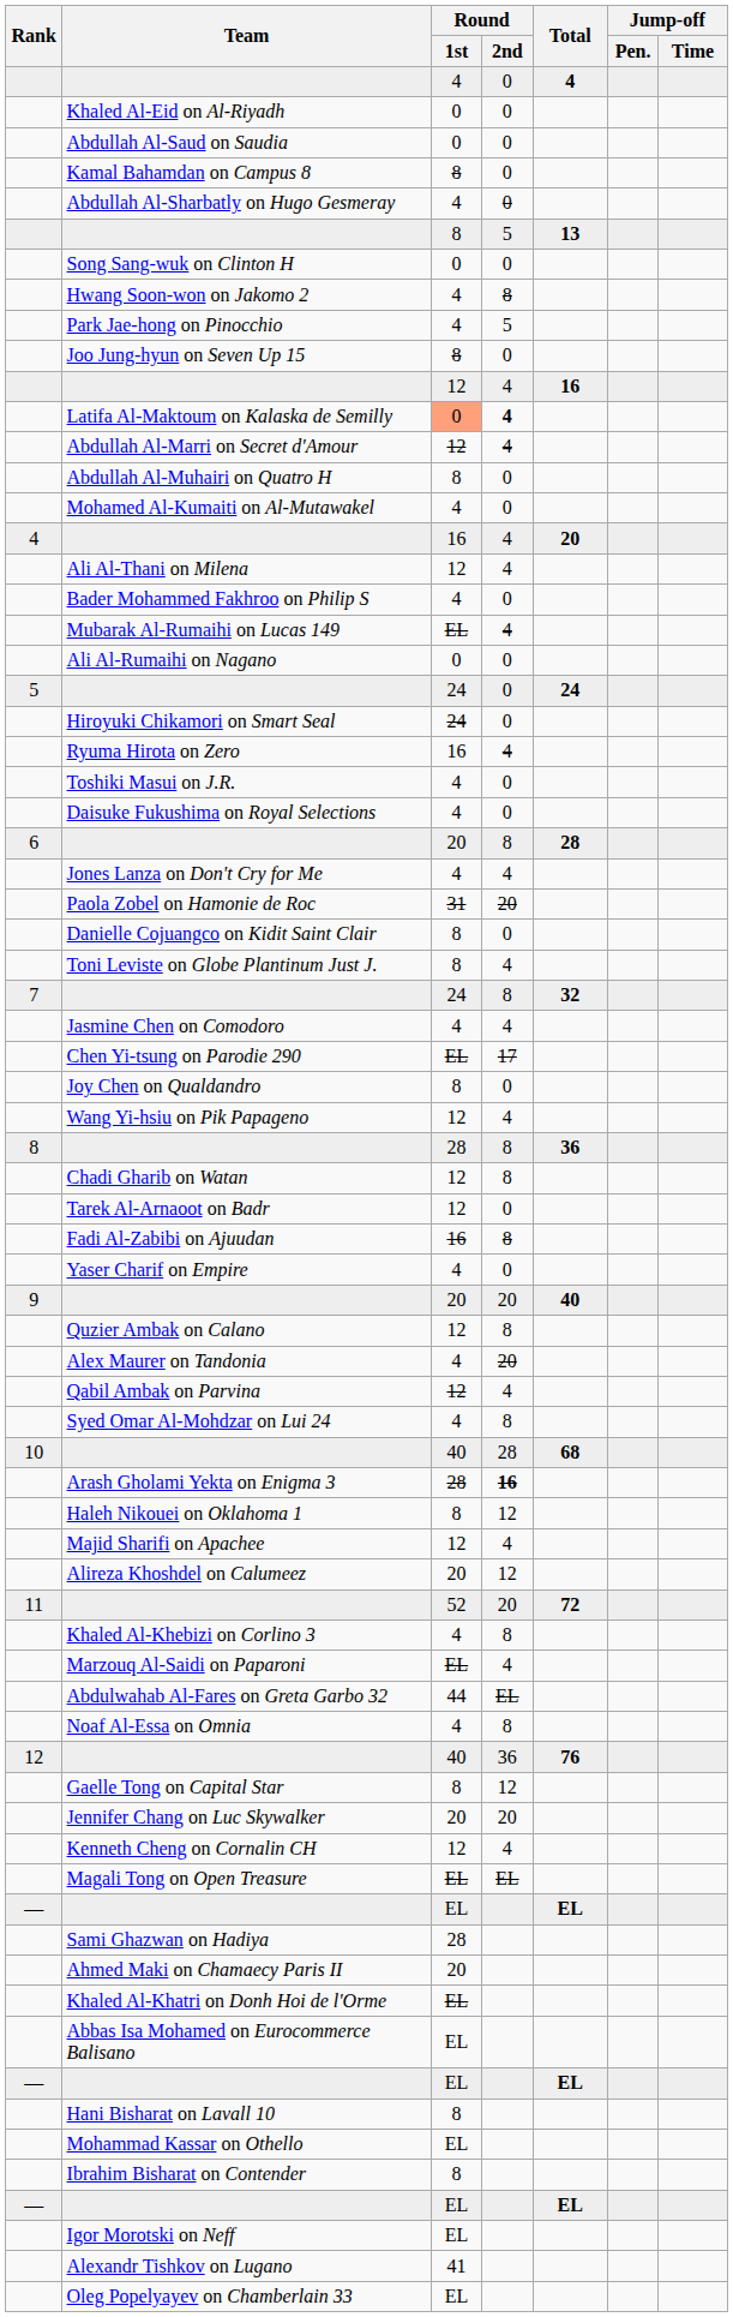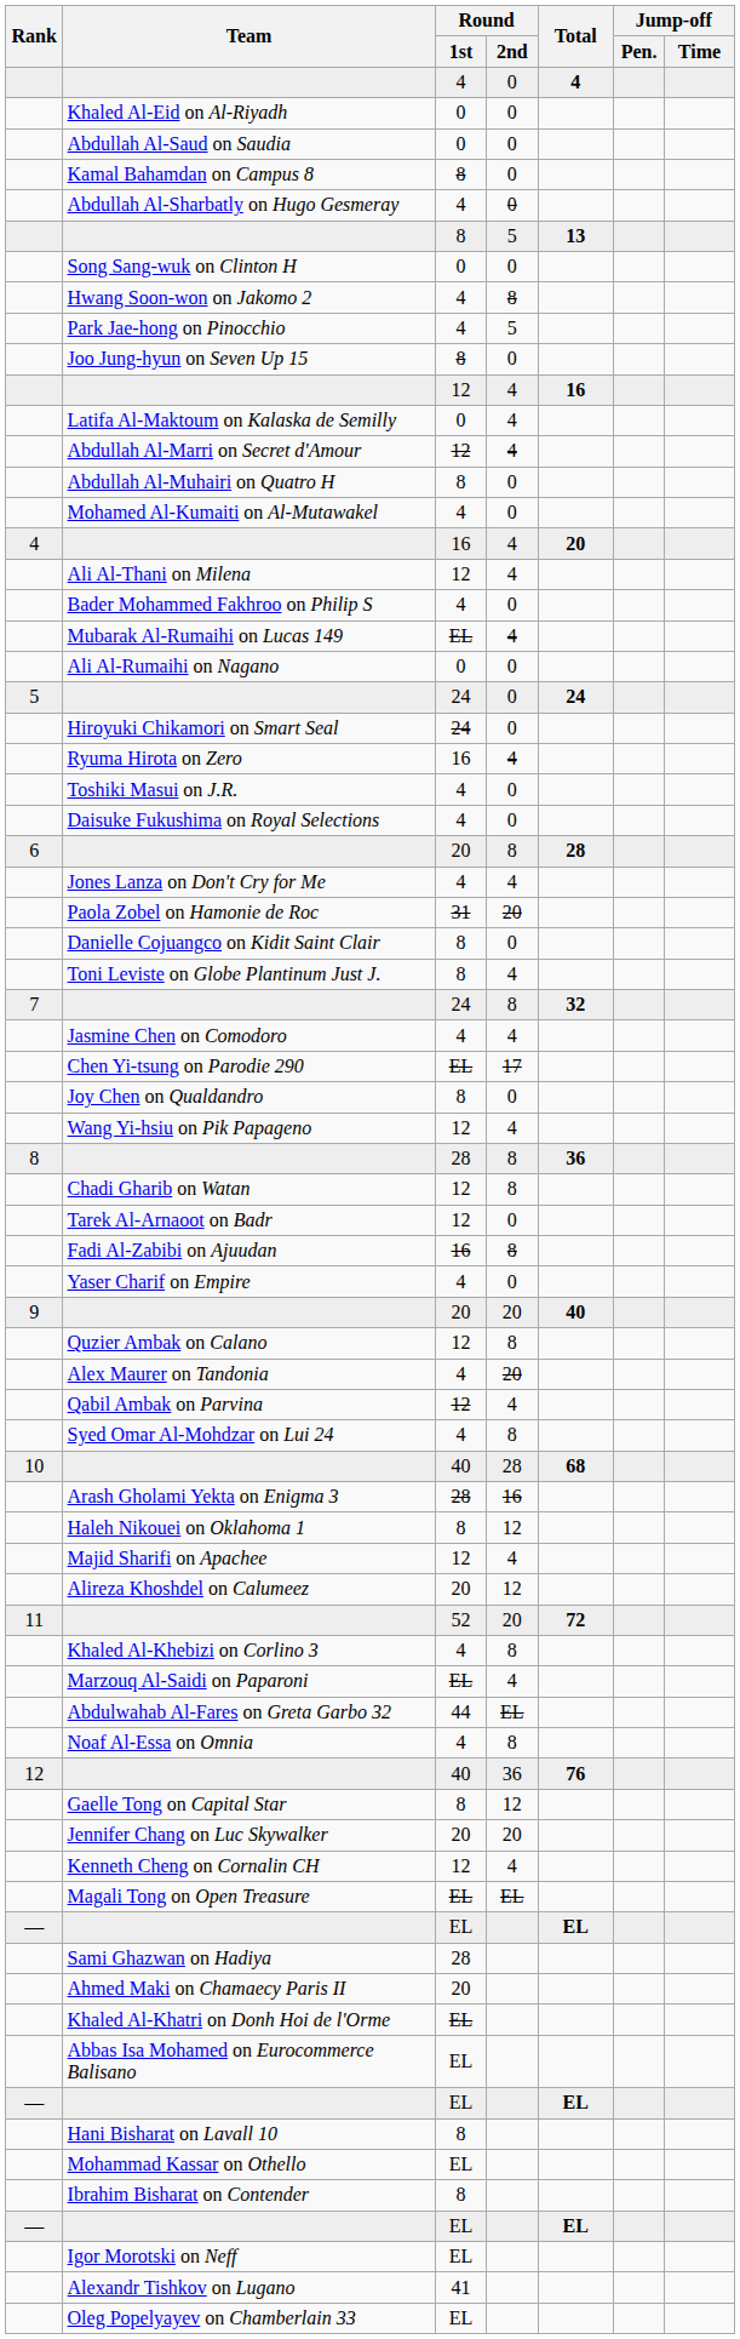 <table class=wikitable style="text-align:center">
 <tr>
 <th rowspan=2 width=40>Rank</th>
 <th rowspan=2 width=300>Team</th>
 <th colspan=2>Round</th>
 <th rowspan=2 width=55>Total</th>
 <th colspan=2>Jump-off</th>
 </tr>
 <tr>
 <th width=35>1st</th>
 <th width=35>2nd</th>
 <th width=35>Pen.</th>
 <th width=50>Time</th>
 </tr>
 <tr bgcolor=eeeeee>
 <td></td>
 <td align=left></td>
 <td>4</td>
 <td>0</td>
 <td><strong>4</strong></td>
 <td></td>
 <td></td>
 </tr>
 <tr>
 <td></td>
 <td align=left><a href='#'>Khaled Al-Eid</a> on <em>Al-Riyadh</em></td>
 <td>0</td>
 <td>0</td>
 <td></td>
 <td></td>
 <td></td>
 </tr>
 <tr>
 <td></td>
 <td align=left><a href='#'>Abdullah Al-Saud</a> on <em>Saudia</em></td>
 <td>0</td>
 <td>0</td>
 <td></td>
 <td></td>
 <td></td>
 </tr>
 <tr>
 <td></td>
 <td align=left><a href='#'>Kamal Bahamdan</a> on <em>Campus 8</em></td>
 <td><s>8</s></td>
 <td>0</td>
 <td></td>
 <td></td>
 <td></td>
 </tr>
 <tr>
 <td></td>
 <td align=left><a href='#'>Abdullah Al-Sharbatly</a> on <em>Hugo Gesmeray</em></td>
 <td>4</td>
 <td><s>0</s></td>
 <td></td>
 <td></td>
 <td></td>
 </tr>
 <tr bgcolor=eeeeee>
 <td></td>
 <td align=left></td>
 <td>8</td>
 <td>5</td>
 <td><strong>13</strong></td>
 <td></td>
 <td></td>
 </tr>
 <tr>
 <td></td>
 <td align=left><a href='#'>Song Sang-wuk</a> on <em>Clinton H</em></td>
 <td>0</td>
 <td>0</td>
 <td></td>
 <td></td>
 <td></td>
 </tr>
 <tr>
 <td></td>
 <td align=left><a href='#'>Hwang Soon-won</a> on <em>Jakomo 2</em></td>
 <td>4</td>
 <td><s>8</s></td>
 <td></td>
 <td></td>
 <td></td>
 </tr>
 <tr>
 <td></td>
 <td align=left><a href='#'>Park Jae-hong</a> on <em>Pinocchio</em></td>
 <td>4</td>
 <td>5</td>
 <td></td>
 <td></td>
 <td></td>
 </tr>
 <tr>
 <td></td>
 <td align=left><a href='#'>Joo Jung-hyun</a> on <em>Seven Up 15</em></td>
 <td><s>8</s></td>
 <td>0</td>
 <td></td>
 <td></td>
 <td></td>
 </tr>
 <tr bgcolor=eeeeee>
 <td></td>
 <td align=left></td>
 <td>12</td>
 <td>4</td>
 <td><strong>16</strong></td>
 <td></td>
 <td></td>
 </tr>
 <tr>
 <td></td>
 <td align=left><a href='#'>Latifa Al-Maktoum</a> on <em>Kalaska de Semilly</em></td>
-<td style="background: lightsalmon;">0</td>
-<td><strong>4</strong></td>
+<td>0</td>
+<td>4</td>
 <td></td>
 <td></td>
 <td></td>
 </tr>
 <tr>
 <td></td>
 <td align=left><a href='#'>Abdullah Al-Marri</a> on <em>Secret d'Amour</em></td>
 <td><s>12</s></td>
 <td><s>4</s></td>
 <td></td>
 <td></td>
 <td></td>
 </tr>
 <tr>
 <td></td>
 <td align=left><a href='#'>Abdullah Al-Muhairi</a> on <em>Quatro H</em></td>
 <td>8</td>
 <td>0</td>
 <td></td>
 <td></td>
 <td></td>
 </tr>
 <tr>
 <td></td>
 <td align=left><a href='#'>Mohamed Al-Kumaiti</a> on <em>Al-Mutawakel</em></td>
 <td>4</td>
 <td>0</td>
 <td></td>
 <td></td>
 <td></td>
 </tr>
 <tr bgcolor=eeeeee>
 <td>4</td>
 <td align=left></td>
 <td>16</td>
 <td>4</td>
 <td><strong>20</strong></td>
 <td></td>
 <td></td>
 </tr>
 <tr>
 <td></td>
 <td align=left><a href='#'>Ali Al-Thani</a> on <em>Milena</em></td>
 <td>12</td>
 <td>4</td>
 <td></td>
 <td></td>
 <td></td>
 </tr>
 <tr>
 <td></td>
 <td align=left><a href='#'>Bader Mohammed Fakhroo</a> on <em>Philip S</em></td>
 <td>4</td>
 <td>0</td>
 <td></td>
 <td></td>
 <td></td>
 </tr>
 <tr>
 <td></td>
 <td align=left><a href='#'>Mubarak Al-Rumaihi</a> on <em>Lucas 149</em></td>
 <td><s>EL</s></td>
 <td><s>4</s></td>
 <td></td>
 <td></td>
 <td></td>
 </tr>
 <tr>
 <td></td>
 <td align=left><a href='#'>Ali Al-Rumaihi</a> on <em>Nagano</em></td>
 <td>0</td>
 <td>0</td>
 <td></td>
 <td></td>
 <td></td>
 </tr>
 <tr bgcolor=eeeeee>
 <td>5</td>
 <td align=left></td>
 <td>24</td>
 <td>0</td>
 <td><strong>24</strong></td>
 <td></td>
 <td></td>
 </tr>
 <tr>
 <td></td>
 <td align=left><a href='#'>Hiroyuki Chikamori</a> on <em>Smart Seal</em></td>
 <td><s>24</s></td>
 <td>0</td>
 <td></td>
 <td></td>
 <td></td>
 </tr>
 <tr>
 <td></td>
 <td align=left><a href='#'>Ryuma Hirota</a> on <em>Zero</em></td>
 <td>16</td>
 <td><s>4</s></td>
 <td></td>
 <td></td>
 <td></td>
 </tr>
 <tr>
 <td></td>
 <td align=left><a href='#'>Toshiki Masui</a> on <em>J.R.</em></td>
 <td>4</td>
 <td>0</td>
 <td></td>
 <td></td>
 <td></td>
 </tr>
 <tr>
 <td></td>
 <td align=left><a href='#'>Daisuke Fukushima</a> on <em>Royal Selections</em></td>
 <td>4</td>
 <td>0</td>
 <td></td>
 <td></td>
 <td></td>
 </tr>
 <tr bgcolor=eeeeee>
 <td>6</td>
 <td align=left></td>
 <td>20</td>
 <td>8</td>
 <td><strong>28</strong></td>
 <td></td>
 <td></td>
 </tr>
 <tr>
 <td></td>
 <td align=left><a href='#'>Jones Lanza</a> on <em>Don't Cry for Me</em></td>
 <td>4</td>
 <td>4</td>
 <td></td>
 <td></td>
 <td></td>
 </tr>
 <tr>
 <td></td>
 <td align=left><a href='#'>Paola Zobel</a> on <em>Hamonie de Roc</em></td>
 <td><s>31</s></td>
 <td><s>20</s></td>
 <td></td>
 <td></td>
 <td></td>
 </tr>
 <tr>
 <td></td>
 <td align=left><a href='#'>Danielle Cojuangco</a> on <em>Kidit Saint Clair</em></td>
 <td>8</td>
 <td>0</td>
 <td></td>
 <td></td>
 <td></td>
 </tr>
 <tr>
 <td></td>
 <td align=left><a href='#'>Toni Leviste</a> on <em>Globe Plantinum Just J.</em></td>
 <td>8</td>
 <td>4</td>
 <td></td>
 <td></td>
 <td></td>
 </tr>
 <tr bgcolor=eeeeee>
 <td>7</td>
 <td align=left></td>
 <td>24</td>
 <td>8</td>
 <td><strong>32</strong></td>
 <td></td>
 <td></td>
 </tr>
 <tr>
 <td></td>
 <td align=left><a href='#'>Jasmine Chen</a> on <em>Comodoro</em></td>
 <td>4</td>
 <td>4</td>
 <td></td>
 <td></td>
 <td></td>
 </tr>
 <tr>
 <td></td>
 <td align=left><a href='#'>Chen Yi-tsung</a> on <em>Parodie 290</em></td>
 <td><s>EL</s></td>
 <td><s>17</s></td>
 <td></td>
 <td></td>
 <td></td>
 </tr>
 <tr>
 <td></td>
 <td align=left><a href='#'>Joy Chen</a> on <em>Qualdandro</em></td>
 <td>8</td>
 <td>0</td>
 <td></td>
 <td></td>
 <td></td>
 </tr>
 <tr>
 <td></td>
 <td align=left><a href='#'>Wang Yi-hsiu</a> on <em>Pik Papageno</em></td>
 <td>12</td>
 <td>4</td>
 <td></td>
 <td></td>
 <td></td>
 </tr>
 <tr bgcolor=eeeeee>
 <td>8</td>
 <td align=left></td>
 <td>28</td>
 <td>8</td>
 <td><strong>36</strong></td>
 <td></td>
 <td></td>
 </tr>
 <tr>
 <td></td>
 <td align=left><a href='#'>Chadi Gharib</a> on <em>Watan</em></td>
 <td>12</td>
 <td>8</td>
 <td></td>
 <td></td>
 <td></td>
 </tr>
 <tr>
 <td></td>
 <td align=left><a href='#'>Tarek Al-Arnaoot</a> on <em>Badr</em></td>
 <td>12</td>
 <td>0</td>
 <td></td>
 <td></td>
 <td></td>
 </tr>
 <tr>
 <td></td>
 <td align=left><a href='#'>Fadi Al-Zabibi</a> on <em>Ajuudan</em></td>
 <td><s>16</s></td>
 <td><s>8</s></td>
 <td></td>
 <td></td>
 <td></td>
 </tr>
 <tr>
 <td></td>
 <td align=left><a href='#'>Yaser Charif</a> on <em>Empire</em></td>
 <td>4</td>
 <td>0</td>
 <td></td>
 <td></td>
 <td></td>
 </tr>
 <tr bgcolor=eeeeee>
 <td>9</td>
 <td align=left></td>
 <td>20</td>
 <td>20</td>
 <td><strong>40</strong></td>
 <td></td>
 <td></td>
 </tr>
 <tr>
 <td></td>
 <td align=left><a href='#'>Quzier Ambak</a> on <em>Calano</em></td>
 <td>12</td>
 <td>8</td>
 <td></td>
 <td></td>
 <td></td>
 </tr>
 <tr>
 <td></td>
 <td align=left><a href='#'>Alex Maurer</a> on <em>Tandonia</em></td>
 <td>4</td>
 <td><s>20</s></td>
 <td></td>
 <td></td>
 <td></td>
 </tr>
 <tr>
 <td></td>
 <td align=left><a href='#'>Qabil Ambak</a> on <em>Parvina</em></td>
 <td><s>12</s></td>
 <td>4</td>
 <td></td>
 <td></td>
 <td></td>
 </tr>
 <tr>
 <td></td>
 <td align=left><a href='#'>Syed Omar Al-Mohdzar</a> on <em>Lui 24</em></td>
 <td>4</td>
 <td>8</td>
 <td></td>
 <td></td>
 <td></td>
 </tr>
 <tr bgcolor=eeeeee>
 <td>10</td>
 <td align=left></td>
 <td>40</td>
 <td>28</td>
 <td><strong>68</strong></td>
 <td></td>
 <td></td>
 </tr>
 <tr>
 <td></td>
 <td align=left><a href='#'>Arash Gholami Yekta</a> on <em>Enigma 3</em></td>
 <td><s>28</s></td>
-<td><strong><s>16</s></strong></td>
+<td><s>16</s></td>
 <td></td>
 <td></td>
 <td></td>
 </tr>
 <tr>
 <td></td>
 <td align=left><a href='#'>Haleh Nikouei</a> on <em>Oklahoma 1</em></td>
 <td>8</td>
 <td>12</td>
 <td></td>
 <td></td>
 <td></td>
 </tr>
 <tr>
 <td></td>
 <td align=left><a href='#'>Majid Sharifi</a> on <em>Apachee</em></td>
 <td>12</td>
 <td>4</td>
 <td></td>
 <td></td>
 <td></td>
 </tr>
 <tr>
 <td></td>
 <td align=left><a href='#'>Alireza Khoshdel</a> on <em>Calumeez</em></td>
 <td>20</td>
 <td>12</td>
 <td></td>
 <td></td>
 <td></td>
 </tr>
 <tr bgcolor=eeeeee>
 <td>11</td>
 <td align=left></td>
 <td>52</td>
 <td>20</td>
 <td><strong>72</strong></td>
 <td></td>
 <td></td>
 </tr>
 <tr>
 <td></td>
 <td align=left><a href='#'>Khaled Al-Khebizi</a> on <em>Corlino 3</em></td>
 <td>4</td>
 <td>8</td>
 <td></td>
 <td></td>
 <td></td>
 </tr>
 <tr>
 <td></td>
 <td align=left><a href='#'>Marzouq Al-Saidi</a> on <em>Paparoni</em></td>
 <td><s>EL</s></td>
 <td>4</td>
 <td></td>
 <td></td>
 <td></td>
 </tr>
 <tr>
 <td></td>
 <td align=left><a href='#'>Abdulwahab Al-Fares</a> on <em>Greta Garbo 32</em></td>
 <td>44</td>
 <td><s>EL</s></td>
 <td></td>
 <td></td>
 <td></td>
 </tr>
 <tr>
 <td></td>
 <td align=left><a href='#'>Noaf Al-Essa</a> on <em>Omnia</em></td>
 <td>4</td>
 <td>8</td>
 <td></td>
 <td></td>
 <td></td>
 </tr>
 <tr bgcolor=eeeeee>
 <td>12</td>
 <td align=left></td>
 <td>40</td>
 <td>36</td>
 <td><strong>76</strong></td>
 <td></td>
 <td></td>
 </tr>
 <tr>
 <td></td>
 <td align=left><a href='#'>Gaelle Tong</a> on <em>Capital Star</em></td>
 <td>8</td>
 <td>12</td>
 <td></td>
 <td></td>
 <td></td>
 </tr>
 <tr>
 <td></td>
 <td align=left><a href='#'>Jennifer Chang</a> on <em>Luc Skywalker</em></td>
 <td>20</td>
 <td>20</td>
 <td></td>
 <td></td>
 <td></td>
 </tr>
 <tr>
 <td></td>
 <td align=left><a href='#'>Kenneth Cheng</a> on <em>Cornalin CH</em></td>
 <td>12</td>
 <td>4</td>
 <td></td>
 <td></td>
 <td></td>
 </tr>
 <tr>
 <td></td>
 <td align=left><a href='#'>Magali Tong</a> on <em>Open Treasure</em></td>
 <td><s>EL</s></td>
 <td><s>EL</s></td>
 <td></td>
 <td></td>
 <td></td>
 </tr>
 <tr bgcolor=eeeeee>
 <td>—</td>
 <td align=left></td>
 <td>EL</td>
 <td></td>
 <td><strong>EL</strong></td>
 <td></td>
 <td></td>
 </tr>
 <tr>
 <td></td>
 <td align=left><a href='#'>Sami Ghazwan</a> on <em>Hadiya</em></td>
 <td>28</td>
 <td></td>
 <td></td>
 <td></td>
 <td></td>
 </tr>
 <tr>
 <td></td>
 <td align=left><a href='#'>Ahmed Maki</a> on <em>Chamaecy Paris II</em></td>
 <td>20</td>
 <td></td>
 <td></td>
 <td></td>
 <td></td>
 </tr>
 <tr>
 <td></td>
 <td align=left><a href='#'>Khaled Al-Khatri</a> on <em>Donh Hoi de l'Orme</em></td>
 <td><s>EL</s></td>
 <td></td>
 <td></td>
 <td></td>
 <td></td>
 </tr>
 <tr>
 <td></td>
 <td align=left><a href='#'>Abbas Isa Mohamed</a> on <em>Eurocommerce Balisano</em></td>
 <td>EL</td>
 <td></td>
 <td></td>
 <td></td>
 <td></td>
 </tr>
 <tr bgcolor=eeeeee>
 <td>—</td>
 <td align=left></td>
 <td>EL</td>
 <td></td>
 <td><strong>EL</strong></td>
 <td></td>
 <td></td>
 </tr>
 <tr>
 <td></td>
 <td align=left><a href='#'>Hani Bisharat</a> on <em>Lavall 10</em></td>
 <td>8</td>
 <td></td>
 <td></td>
 <td></td>
 <td></td>
 </tr>
 <tr>
 <td></td>
 <td align=left><a href='#'>Mohammad Kassar</a> on <em>Othello</em></td>
 <td>EL</td>
 <td></td>
 <td></td>
 <td></td>
 <td></td>
 </tr>
 <tr>
 <td></td>
 <td align=left><a href='#'>Ibrahim Bisharat</a> on <em>Contender</em></td>
 <td>8</td>
 <td></td>
 <td></td>
 <td></td>
 <td></td>
 </tr>
 <tr bgcolor=eeeeee>
 <td>—</td>
 <td align=left></td>
 <td>EL</td>
 <td></td>
 <td><strong>EL</strong></td>
 <td></td>
 <td></td>
 </tr>
 <tr>
 <td></td>
 <td align=left><a href='#'>Igor Morotski</a> on <em>Neff</em></td>
 <td>EL</td>
 <td></td>
 <td></td>
 <td></td>
 <td></td>
 </tr>
 <tr>
 <td></td>
 <td align=left><a href='#'>Alexandr Tishkov</a> on <em>Lugano</em></td>
 <td>41</td>
 <td></td>
 <td></td>
 <td></td>
 <td></td>
 </tr>
 <tr>
 <td></td>
 <td align=left><a href='#'>Oleg Popelyayev</a> on <em>Chamberlain 33</em></td>
 <td>EL</td>
 <td></td>
 <td></td>
 <td></td>
 <td></td>
 </tr>
 </table>
